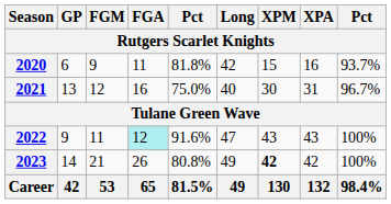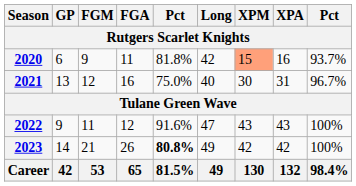 <table class="wikitable">
 <tr>
 <th>Season</th>
 <th>GP</th>
 <th>FGM</th>
 <th>FGA</th>
 <th>Pct</th>
 <th>Long</th>
 <th>XPM</th>
 <th>XPA</th>
 <th>Pct</th>
 </tr>
 <tr>
 <th colspan="9">Rutgers Scarlet Knights</th>
 </tr>
 <tr>
 <th><a href='#'>2020</a></th>
 <td>6</td>
 <td>9</td>
 <td>11</td>
 <td>81.8%</td>
 <td>42</td>
-<td>15</td>
+<td style="background: lightsalmon;">15</td>
 <td>16</td>
 <td>93.7%</td>
 </tr>
 <tr>
 <th><a href='#'>2021</a></th>
 <td>13</td>
 <td>12</td>
 <td>16</td>
 <td>75.0%</td>
 <td>40</td>
 <td>30</td>
 <td>31</td>
 <td>96.7%</td>
 </tr>
 <tr>
 <th colspan="9">Tulane Green Wave</th>
 </tr>
 <tr>
 <th><a href='#'>2022</a></th>
 <td>9</td>
 <td>11</td>
-<td style="background: paleturquoise;">12</td>
+<td>12</td>
 <td>91.6%</td>
 <td>47</td>
 <td>43</td>
 <td>43</td>
 <td>100%</td>
 </tr>
 <tr>
 <th><a href='#'>2023</a></th>
 <td>14</td>
 <td>21</td>
 <td>26</td>
-<td>80.8%</td>
+<td><strong>80.8%</strong></td>
 <td>49</td>
-<td><strong>42</strong></td>
+<td>42</td>
 <td>42</td>
 <td>100%</td>
 </tr>
 <tr>
 <th>Career</th>
 <th>42</th>
 <th>53</th>
 <th>65</th>
 <th>81.5%</th>
 <th>49</th>
 <th>130</th>
 <th>132</th>
 <th>98.4%</th>
 </tr>
 </table>
